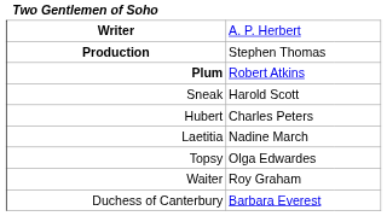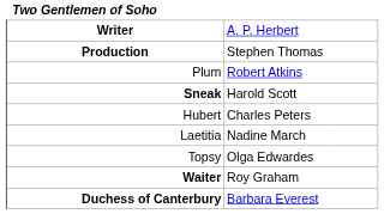 <table class="wikitable mw-collapsible mw-collapsed" style="vertical-align:top;margin:auto 2em;line-height:1.2;max-width:33em;background-color:inherit;border:none;">
 <tr>
 <td class=unsortable style="border:hidden;line-height:1.67;margin-left:-1em;text-align:center;padding-left:0.5em;min-width:1.0em;"></td>
 <td class=unsortable style="border-style:none;padding-left:0.5em;text-align:left;min-width:16.5em;font-weight:700;font-style:italic;">Two Gentlemen of Soho</td>
 <td class=unsortable style="border:none;text-align:right;font-weight:normal; font-size:95%; min-width:8.5em;padding-right:0.2em;"></td>
 <td class=unsortable style="border:none;min-width:3.5em;padding-left:0;"></td>
 <td class=unsortable style="border:hidden;min-width:3.5em;font-size:95%;"></td>
 </tr>
 <tr>
 <td rowspan=100 style="border:none thin;border-right-style :solid;"></td>
 </tr>
 <tr>
 <td style="text-align:center;font-weight:bold;">Writer</td>
 <td colspan=2><a href='#'>A. P. Herbert</a></td>
 </tr>
 <tr>
 <td style="text-align:center;font-weight:bold;">Production</td>
 <td colspan=2>Stephen Thomas</td>
 </tr>
 <tr>
-<td style="text-align:right;"><strong>Plum</strong></td>
+<td style="text-align:right;">Plum</td>
 <td colspan=2><a href='#'>Robert Atkins</a></td>
 </tr>
 <tr>
-<td style="text-align:right;">Sneak</td>
+<td style="text-align:right;"><strong>Sneak</strong></td>
 <td colspan=2>Harold Scott</td>
 </tr>
 <tr>
 <td style="text-align:right;">Hubert</td>
 <td colspan=2>Charles Peters</td>
 </tr>
 <tr>
 <td style="text-align:right;">Laetitia</td>
 <td colspan=2>Nadine March</td>
 </tr>
 <tr>
 <td style="text-align:right;">Topsy</td>
 <td colspan=2>Olga Edwardes</td>
 </tr>
 <tr>
-<td style="text-align:right;">Waiter</td>
+<td style="text-align:right;"><strong>Waiter</strong></td>
 <td colspan=2>Roy Graham</td>
 </tr>
 <tr>
-<td style="text-align:right;">Duchess of Canterbury</td>
+<td style="text-align:right;"><strong>Duchess of Canterbury</strong></td>
 <td colspan=2><a href='#'>Barbara Everest</a></td>
 </tr>
 </table>
